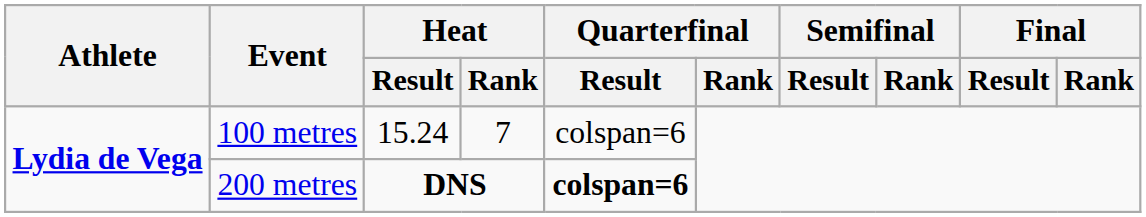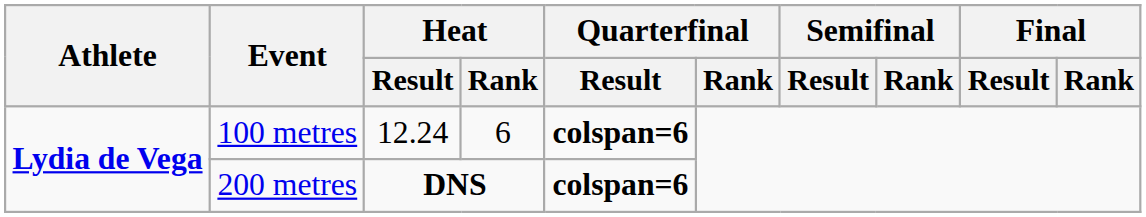 <table class=wikitable style=font-size:90%>
 <tr>
 <th rowspan=2>Athlete</th>
 <th rowspan=2>Event</th>
 <th colspan=2>Heat</th>
 <th colspan=2>Quarterfinal</th>
 <th colspan=2>Semifinal</th>
 <th colspan=2>Final</th>
 </tr>
 <tr style=font-size:95%>
 <th>Result</th>
 <th>Rank</th>
 <th>Result</th>
 <th>Rank</th>
 <th>Result</th>
 <th>Rank</th>
 <th>Result</th>
 <th>Rank</th>
 </tr>
 <tr align=center>
 <td align=left rowspan=2><strong><a href='#'>Lydia de Vega</a></strong></td>
 <td align=left><a href='#'>100 metres</a></td>
-<td>15.24</td>
-<td>7</td>
-<td>colspan=6 </td>
+<td>12.24</td>
+<td>6</td>
+<td><strong>colspan=6 </strong></td>
 </tr>
 <tr>
 <td align=left><a href='#'>200 metres</a></td>
 <td colspan=2 align=center><strong>DNS</strong></td>
 <td><strong>colspan=6 </strong></td>
 </tr>
 </table>
